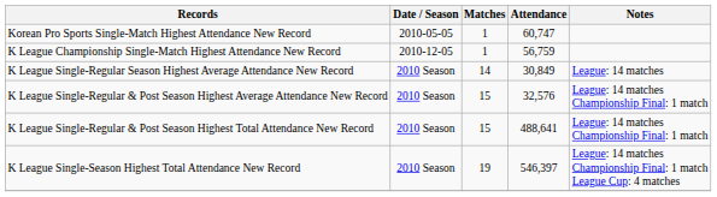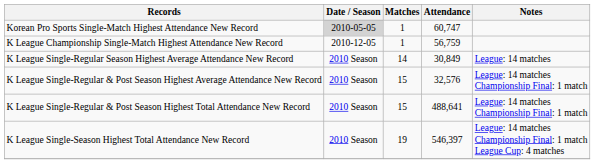 <table class="wikitable" style="text-align:center; font-size:90%">
 <tr>
 <th>Records</th>
 <th>Date / Season</th>
 <th>Matches</th>
 <th>Attendance</th>
 <th>Notes</th>
 </tr>
 <tr>
 <td align=left>Korean Pro Sports Single-Match Highest Attendance New Record</td>
-<td>2010-05-05</td>
+<td style="background: lightgrey;">2010-05-05</td>
 <td>1</td>
 <td>60,747</td>
 <td></td>
 </tr>
 <tr>
 <td align=left>K League Championship Single-Match Highest Attendance New Record</td>
 <td>2010-12-05</td>
 <td>1</td>
 <td>56,759</td>
 <td></td>
 </tr>
 <tr>
 <td align=left>K League Single-Regular Season Highest Average Attendance New Record</td>
 <td><a href='#'>2010</a> Season</td>
 <td>14</td>
 <td>30,849</td>
 <td align=left><a href='#'>League</a>: 14 matches</td>
 </tr>
 <tr>
 <td align=left>K League Single-Regular & Post Season Highest Average Attendance New Record</td>
 <td><a href='#'>2010</a> Season</td>
 <td>15</td>
 <td>32,576</td>
 <td align=left><a href='#'>League</a>: 14 matches <br> <a href='#'>Championship Final</a>: 1 match</td>
 </tr>
 <tr>
 <td align=left>K League Single-Regular & Post Season Highest Total Attendance New Record</td>
 <td><a href='#'>2010</a> Season</td>
 <td>15</td>
 <td>488,641</td>
 <td align=left><a href='#'>League</a>: 14 matches <br> <a href='#'>Championship Final</a>: 1 match</td>
 </tr>
 <tr>
 <td align=left>K League Single-Season Highest Total Attendance New Record</td>
 <td><a href='#'>2010</a> Season</td>
 <td>19</td>
 <td>546,397</td>
 <td align=left><a href='#'>League</a>: 14 matches <br> <a href='#'>Championship Final</a>: 1 match <br> <a href='#'>League Cup</a>: 4 matches</td>
 </tr>
 <tr>
 </tr>
 </table>
